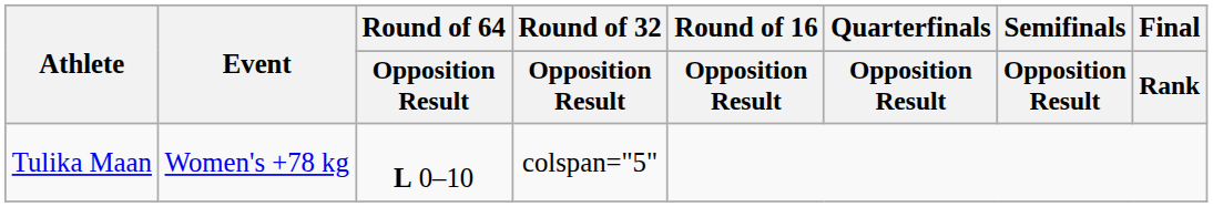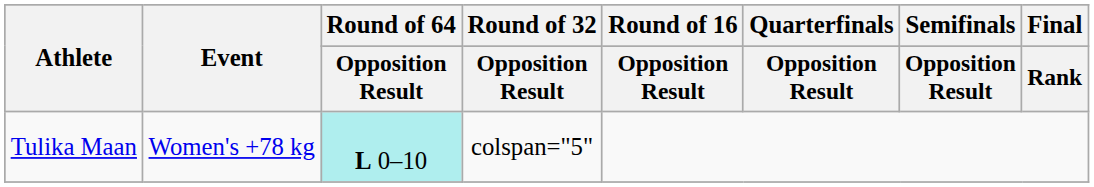 <table class="wikitable" style="font-size:90%">
 <tr>
 <th rowspan="2">Athlete</th>
 <th rowspan="2">Event</th>
 <th>Round of 64</th>
 <th>Round of 32</th>
 <th>Round of 16</th>
 <th>Quarterfinals</th>
 <th>Semifinals</th>
 <th colspan=2>Final</th>
 </tr>
 <tr style="font-size:95%">
 <th>Opposition<br>Result</th>
 <th>Opposition<br>Result</th>
 <th>Opposition<br>Result</th>
 <th>Opposition<br>Result</th>
 <th>Opposition<br>Result</th>
 <th>Rank</th>
 </tr>
 <tr align=center>
 <td align=left><a href='#'>Tulika Maan</a></td>
 <td align=left><a href='#'>Women's +78 kg</a></td>
-<td><br><strong>L</strong> 0–10</td>
+<td style="background: paleturquoise;"><br><strong>L</strong> 0–10</td>
 <td>colspan="5" </td>
 </tr>
 </table>
